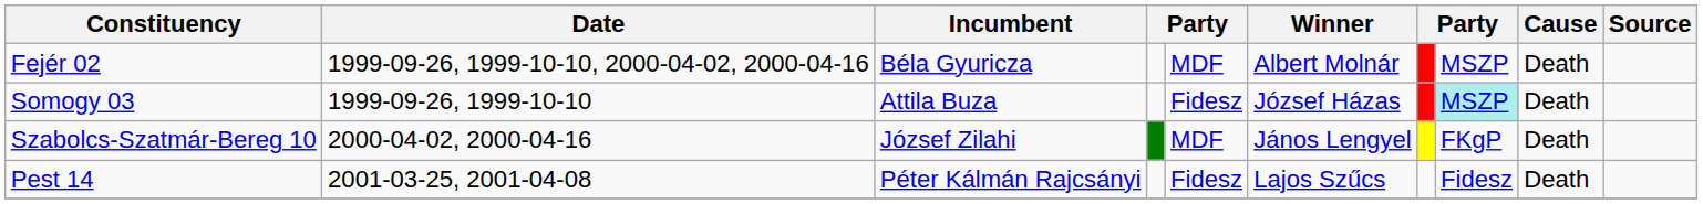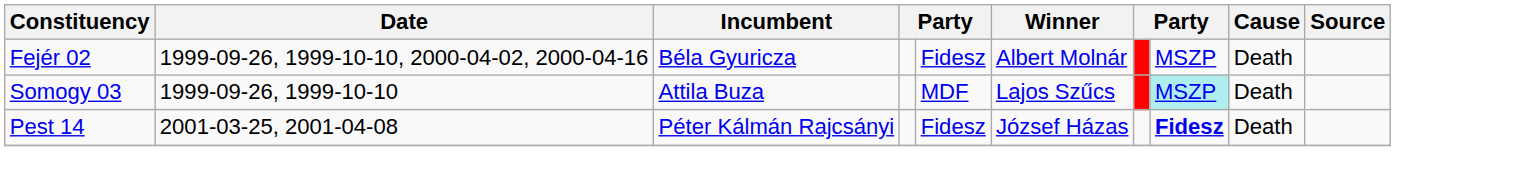 <table class="wikitable">
 <tr>
 <th>Constituency</th>
 <th>Date</th>
 <th>Incumbent</th>
 <th colspan=2>Party</th>
 <th>Winner</th>
 <th colspan=2>Party</th>
 <th>Cause</th>
 <th>Source</th>
 </tr>
 <tr>
 <td><a href='#'>Fejér 02</a></td>
 <td>1999-09-26, 1999-10-10, 2000-04-02, 2000-04-16</td>
 <td><a href='#'>Béla Gyuricza</a></td>
 <td style="background-color:"> </td>
-<td><a href='#'>MDF</a></td>
+<td><a href='#'>Fidesz</a></td>
 <td><a href='#'>Albert Molnár</a></td>
 <td style="background-color:red"> </td>
 <td><a href='#'>MSZP</a></td>
 <td>Death</td>
 <td></td>
 </tr>
 <tr>
 <td><a href='#'>Somogy 03</a></td>
 <td>1999-09-26, 1999-10-10</td>
 <td><a href='#'>Attila Buza</a></td>
 <td style="background-color:"> </td>
-<td><a href='#'>Fidesz</a></td>
-<td><a href='#'>József Házas</a></td>
+<td><a href='#'>MDF</a></td>
+<td><a href='#'>Lajos Szűcs</a></td>
 <td style="background-color:red"> </td>
 <td style="background: paleturquoise;"><a href='#'>MSZP</a></td>
-<td>Death</td>
-<td></td>
-</tr>
-<tr>
-<td><a href='#'>Szabolcs-Szatmár-Bereg 10</a></td>
-<td>2000-04-02, 2000-04-16</td>
-<td><a href='#'>József Zilahi</a></td>
-<td style="background-color:green"> </td>
-<td><a href='#'>MDF</a></td>
-<td><a href='#'>János Lengyel</a></td>
-<td style="background-color:yellow"> </td>
-<td><a href='#'>FKgP</a></td>
 <td>Death</td>
 <td></td>
 </tr>
 <tr>
 <td><a href='#'>Pest 14</a></td>
 <td>2001-03-25, 2001-04-08</td>
 <td><a href='#'>Péter Kálmán Rajcsányi</a></td>
 <td style="background-color:"> </td>
 <td><a href='#'>Fidesz</a></td>
-<td><a href='#'>Lajos Szűcs</a></td>
+<td><a href='#'>József Házas</a></td>
 <td style="background-color:"> </td>
-<td><a href='#'>Fidesz</a></td>
+<td><strong><a href='#'>Fidesz</a></strong></td>
 <td>Death</td>
 <td></td>
 </tr>
 <tr>
 </tr>
 </table>
